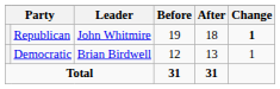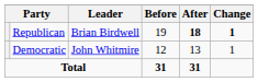 <table class="wikitable" style="text-align:center;">
 <tr>
 </tr>
 <tr>
 <th colspan=2>Party</th>
 <th>Leader</th>
 <th>Before</th>
 <th>After</th>
 <th>Change</th>
 </tr>
 <tr>
 <th style="background-color:"></th>
 <td style="text-align:left;"><a href='#'>Republican</a></td>
-<td style="text-align:left;"><a href='#'>John Whitmire</a></td>
+<td style="text-align:left;"><a href='#'>Brian Birdwell</a></td>
 <td>19</td>
-<td>18</td>
+<td><strong>18</strong></td>
 <td><strong> 1</strong></td>
 </tr>
 <tr>
 <th style="background-color:"></th>
 <td style="text-align:left;"><a href='#'>Democratic</a></td>
-<td style="text-align:left;"><a href='#'>Brian Birdwell</a></td>
+<td style="text-align:left;"><a href='#'>John Whitmire</a></td>
 <td>12</td>
 <td>13</td>
 <td> 1</td>
 </tr>
 <tr>
 <td colspan=3><strong>Total</strong></td>
 <td><strong>31</strong></td>
 <td><strong>31</strong></td>
 <td></td>
 </tr>
 </table>
